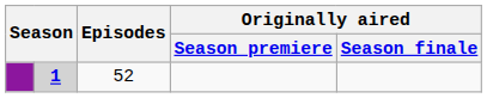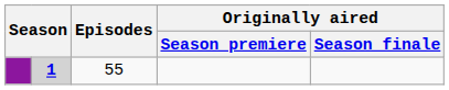 <table class="wikitable">
 <tr>
 <th style="padding:0 px;" colspan="2" rowspan="2">Season</th>
 <th style="padding:0 px;" rowspan="2">Episodes</th>
 <th style="padding:0 px;" colspan="2">Originally aired</th>
 </tr>
 <tr>
 <th><a href='#'>Season premiere</a></th>
 <th><a href='#'>Season finale</a></th>
 </tr>
 <tr>
 <td style="width:15px; background:#8c169e;"></td>
 <td style="background: lightgrey; text-align:center;"><strong><a href='#'>1</a></strong></td>
-<td style="text-align:center;">52</td>
+<td style="text-align:center;">55</td>
 <td style="text-align:center;"></td>
 <td style="text-align:center;"></td>
 </tr>
 </table>
